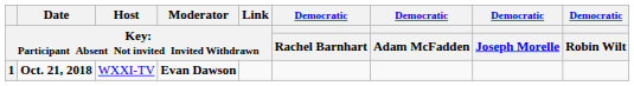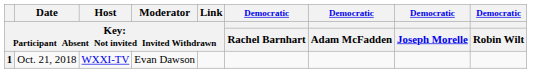 <table class="wikitable" style="text-align:center;">
 <tr>
 <th scope="col"></th>
 <th scope="col">Date</th>
 <th scope="col">Host</th>
 <th scope="col">Moderator</th>
 <th scope="col">Link</th>
 <th scope="col"><small><a href='#'>Democratic</a></small></th>
 <th scope="col"><small><a href='#'>Democratic</a></small></th>
 <th scope="col"><small><a href='#'>Democratic</a></small></th>
 <th scope="col"><small><a href='#'>Democratic</a></small></th>
 </tr>
 <tr>
 <th colspan="5" rowspan="2">Key:<br> <small>Participant </small>  <small>Absent </small>  <small>Not invited </small>  <small>Invited  Withdrawn</small></th>
 <th scope="col" style="background:"></th>
 <th scope="col" style="background:"></th>
 <th scope="col" style="background:"></th>
 <th scope="col" style="background:"></th>
 </tr>
 <tr>
 <th scope="col">Rachel Barnhart</th>
 <th scope="col">Adam McFadden</th>
 <th scope="col"><a href='#'>Joseph Morelle</a></th>
 <th scope="col">Robin Wilt</th>
 </tr>
 <tr>
 <th>1</th>
-<td style="white-space:nowrap;"><strong>Oct. 21, 2018</strong></td>
+<td style="white-space:nowrap;">Oct. 21, 2018</td>
 <td style="white-space:nowrap;"><a href='#'>WXXI-TV</a></td>
-<td style="white-space:nowrap;"><strong>Evan Dawson</strong></td>
+<td style="white-space:nowrap;">Evan Dawson</td>
 <td style="white-space:nowrap;"></td>
 <td></td>
 <td></td>
 <td></td>
 <td></td>
 </tr>
 </table>
